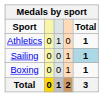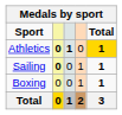 <table class="wikitable" style="font-size:85%; float:right;">
 <tr style="background:#efefef;">
 <th colspan=7><strong>Medals by sport</strong></th>
 </tr>
 <tr align=center>
 <td><strong>Sport</strong></td>
 <td bgcolor=#f7f6a8></td>
 <td bgcolor=#dce5e5></td>
 <td bgcolor=#ffdab9></td>
 <td><strong>Total</strong></td>
 </tr>
 <tr align=center>
 <td><a href='#'>Athletics</a></td>
-<td style="background:#F7F6A8;">0</td>
-<td style="background:#DCE5E5;">1</td>
+<td style="background:#F7F6A8;"><strong>0</strong></td>
+<td style="background:#DCE5E5;"><strong>1</strong></td>
 <td style="background:#FFDAB9;">0</td>
-<td><strong>1</strong></td>
+<td style="background: gold;"><strong>1</strong></td>
 </tr>
 <tr align=center>
 <td><a href='#'>Sailing</a></td>
-<td style="background:#F7F6A8;">0</td>
+<td style="background:#F7F6A8;"><strong>0</strong></td>
 <td style="background:#DCE5E5;">0</td>
 <td style="background:#FFDAB9;">1</td>
-<td style="background: lightblue;"><strong>1</strong></td>
+<td><strong>1</strong></td>
 </tr>
 <tr align=center>
 <td><a href='#'>Boxing</a></td>
 <td style="background:#F7F6A8;">0</td>
 <td style="background:#DCE5E5;">0</td>
 <td style="background:#FFDAB9;">1</td>
 <td><strong>1</strong></td>
 </tr>
 <tr align=center>
 <th><strong>Total</strong></th>
 <th style="background:gold;"><strong>0</strong></th>
 <th style="background:silver;"><strong>1</strong></th>
 <th style="background:#c96;"><strong>2</strong></th>
 <th><strong>3</strong></th>
 </tr>
 </table>
